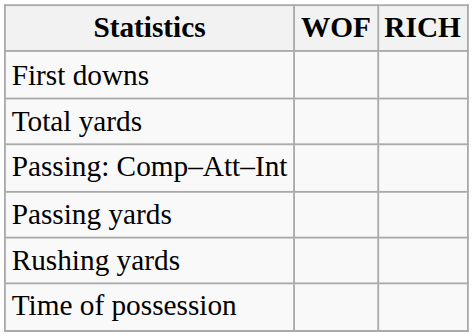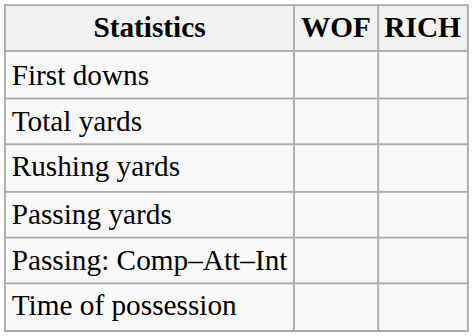 <table class="wikitable" style="float: left;">
 <tr>
 <th>Statistics</th>
 <th>WOF</th>
 <th>RICH</th>
 </tr>
 <tr>
 <td>First downs</td>
 <td></td>
 <td></td>
 </tr>
 <tr>
 <td>Total yards</td>
 <td></td>
 <td></td>
 </tr>
 <tr>
-<td>Passing: Comp–Att–Int</td>
+<td>Rushing yards</td>
 <td></td>
 <td></td>
 </tr>
 <tr>
 <td>Passing yards</td>
 <td></td>
 <td></td>
 </tr>
 <tr>
-<td>Rushing yards</td>
+<td>Passing: Comp–Att–Int</td>
 <td></td>
 <td></td>
 </tr>
 <tr>
 <td>Time of possession</td>
 <td></td>
 <td></td>
 </tr>
 <tr>
 </tr>
 </table>
